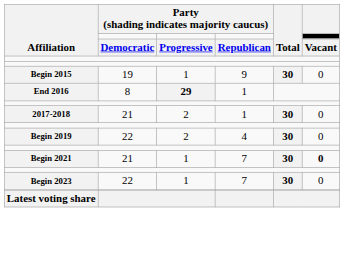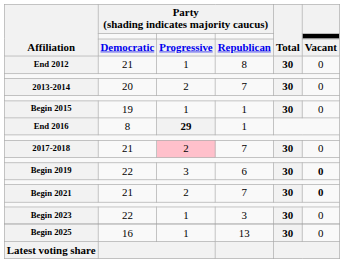 <table class=wikitable style="text-align:center">
 <tr style="vertical-align:bottom;">
 <th rowspan=3>Affiliation</th>
 <th colspan=3>Party <div>(shading indicates majority caucus)</div></th>
 <th rowspan=3>Total</th>
 <th></th>
 </tr>
 <tr style="height:5px">
 <td style="background-color:"></td>
 <td style="background-color:"></td>
 <td style="background-color:"></td>
 <td style="background: black"></td>
 </tr>
 <tr>
 <th><a href='#'>Democratic</a></th>
 <th><a href='#'>Progressive</a></th>
 <th><a href='#'>Republican</a></th>
 <th>Vacant</th>
 </tr>
 <tr>
+<th nowrap style="font-size:80%">End 2012</th>
+<td>21</td>
+<td>1</td>
+<td>8</td>
+<th>30</th>
+<td>0</td>
+</tr>
+<tr>
 <td colspan=6></td>
+</tr>
+<tr>
+<th nowrap style="font-size:80%">2013-2014</th>
+<td>20</td>
+<td>2</td>
+<td>7</td>
+<th>30</th>
+<td>0</td>
 </tr>
 <tr>
 <td colspan=6></td>
 </tr>
 <tr>
 <th nowrap style="font-size:80%">Begin 2015</th>
 <td>19</td>
 <td>1</td>
-<td>9</td>
+<td>1</td>
 <th>30</th>
 <td>0</td>
 </tr>
 <tr>
 <th nowrap style="font-size:80%">End 2016</th>
 <td>8</td>
 <th>29</th>
 <td>1</td>
 </tr>
 <tr>
 <td colspan=6></td>
 </tr>
 <tr>
 <th nowrap style="font-size:80%">2017-2018</th>
 <td>21</td>
-<td>2</td>
-<td>1</td>
+<td style="background: pink;">2</td>
+<td>7</td>
 <th>30</th>
 <td>0</td>
 </tr>
 <tr>
 <td colspan=6></td>
 </tr>
 <tr>
 <th nowrap style="font-size:80%">Begin 2019</th>
 <td>22</td>
-<td>2</td>
-<td>4</td>
+<td>3</td>
+<td>6</td>
 <th>30</th>
-<td>0</td>
+<td><strong>0</strong></td>
 </tr>
 <tr>
 <td colspan=6></td>
 </tr>
 <tr>
 <th nowrap style="font-size:80%">Begin 2021</th>
 <td>21</td>
-<td>1</td>
+<td>2</td>
 <td>7</td>
 <th>30</th>
 <td><strong>0</strong></td>
 </tr>
 <tr>
 <td colspan=6></td>
 </tr>
 <tr>
 <th nowrap style="font-size:80%">Begin 2023</th>
 <td>22</td>
 <td>1</td>
-<td>7</td>
+<td>3</td>
 <th>30</th>
 <td>0</td>
 </tr>
 <tr>
+</tr>
+<tr>
+<th nowrap style="font-size:80%">Begin 2025</th>
+<td>16</td>
+<td>1</td>
+<td>13</td>
+<th>30</th>
+<td>0</td>
 </tr>
 <tr>
 <th>Latest voting share</th>
 <th colspan=2 ></th>
 <th></th>
 <th colspan=2></th>
 </tr>
 </table>
